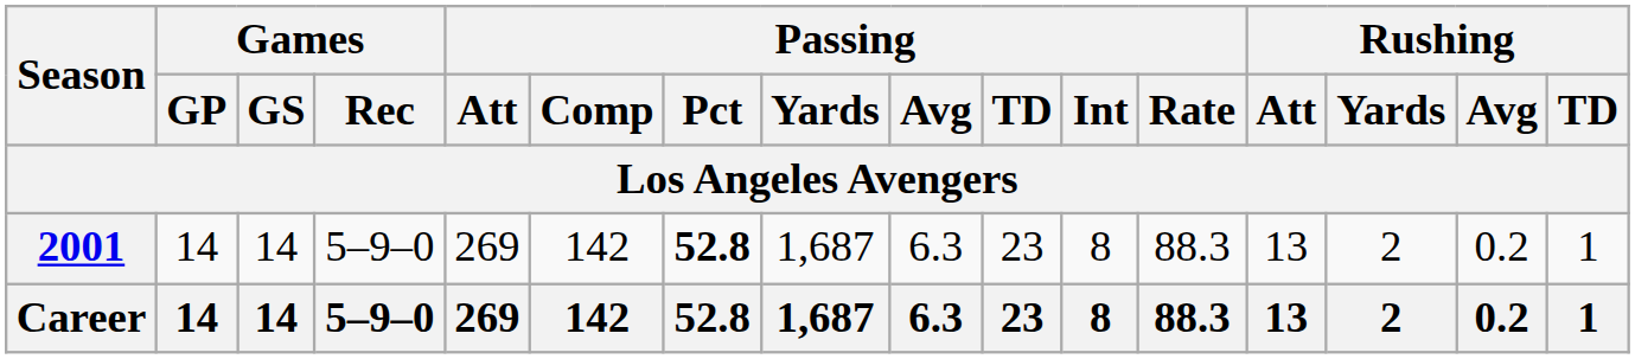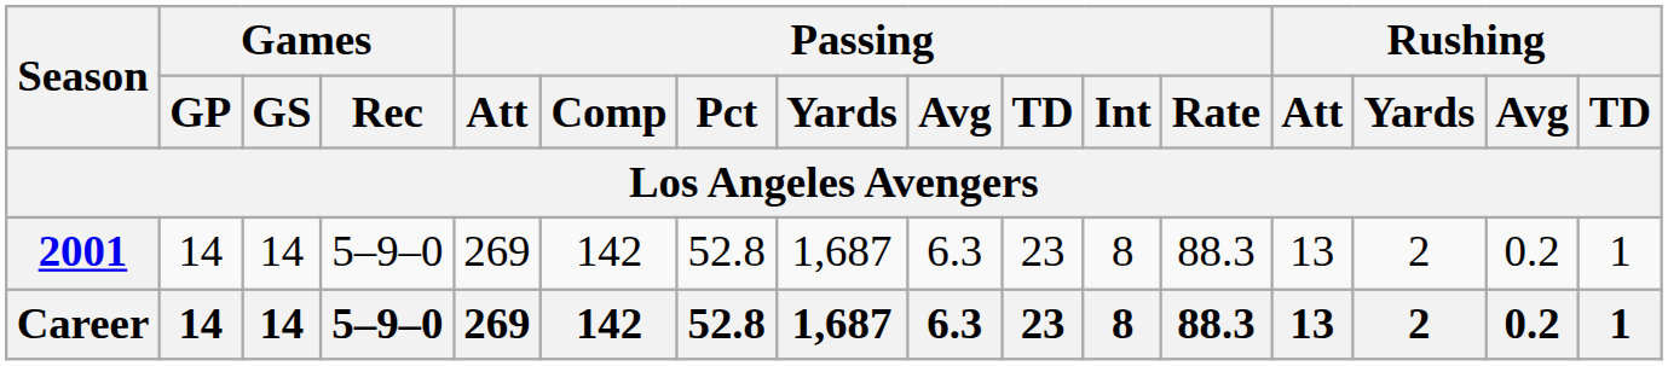 <table class="wikitable" style="text-align:center;">
 <tr>
 <th rowspan="2">Season</th>
 <th colspan="3">Games</th>
 <th colspan="8">Passing</th>
 <th colspan="4">Rushing</th>
 </tr>
 <tr>
 <th>GP</th>
 <th>GS</th>
 <th>Rec</th>
 <th>Att</th>
 <th>Comp</th>
 <th>Pct</th>
 <th>Yards</th>
 <th>Avg</th>
 <th>TD</th>
 <th>Int</th>
 <th>Rate</th>
 <th>Att</th>
 <th>Yards</th>
 <th>Avg</th>
 <th>TD</th>
 </tr>
 <tr>
 <th colspan="17">Los Angeles Avengers</th>
 </tr>
 <tr>
 <th><a href='#'>2001</a></th>
 <td>14</td>
 <td>14</td>
 <td>5–9–0</td>
 <td>269</td>
 <td>142</td>
-<td><strong>52.8</strong></td>
+<td>52.8</td>
 <td>1,687</td>
 <td>6.3</td>
 <td>23</td>
 <td>8</td>
 <td>88.3</td>
 <td>13</td>
 <td>2</td>
 <td>0.2</td>
 <td>1</td>
 </tr>
 <tr>
 <th>Career</th>
 <th>14</th>
 <th>14</th>
 <th>5–9–0</th>
 <th>269</th>
 <th>142</th>
 <th>52.8</th>
 <th>1,687</th>
 <th>6.3</th>
 <th>23</th>
 <th>8</th>
 <th>88.3</th>
 <th>13</th>
 <th>2</th>
 <th>0.2</th>
 <th>1</th>
 </tr>
 </table>
